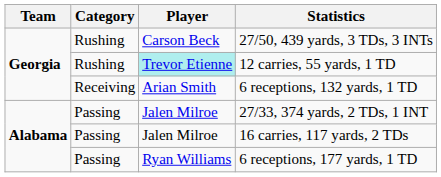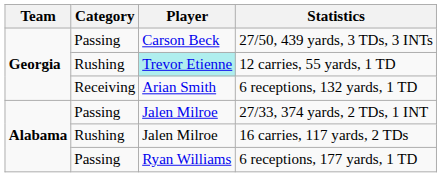 <table class="wikitable" style="float: right;">
 <tr>
 <th>Team</th>
 <th>Category</th>
 <th>Player</th>
 <th>Statistics</th>
 </tr>
 <tr>
 <td rowspan=3><strong>Georgia</strong></td>
-<td>Rushing</td>
+<td>Passing</td>
 <td><a href='#'>Carson Beck</a></td>
 <td>27/50, 439 yards, 3 TDs, 3 INTs</td>
 </tr>
 <tr>
 <td>Rushing</td>
 <td style="background: paleturquoise;"><a href='#'>Trevor Etienne</a></td>
 <td>12 carries, 55 yards, 1 TD</td>
 </tr>
 <tr>
 <td>Receiving</td>
 <td><a href='#'>Arian Smith</a></td>
 <td>6 receptions, 132 yards, 1 TD</td>
 </tr>
 <tr>
 <td rowspan=3><strong>Alabama</strong></td>
 <td>Passing</td>
 <td><a href='#'>Jalen Milroe</a></td>
 <td>27/33, 374 yards, 2 TDs, 1 INT</td>
 </tr>
 <tr>
-<td>Passing</td>
+<td>Rushing</td>
 <td>Jalen Milroe</td>
 <td>16 carries, 117 yards, 2 TDs</td>
 </tr>
 <tr>
 <td>Passing</td>
 <td><a href='#'>Ryan Williams</a></td>
 <td>6 receptions, 177 yards, 1 TD</td>
 </tr>
 </table>
